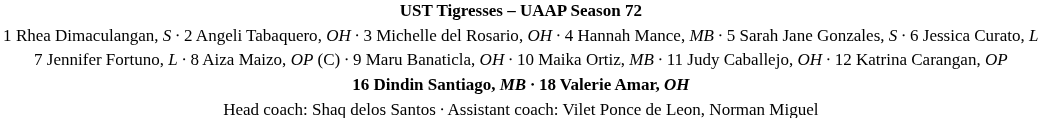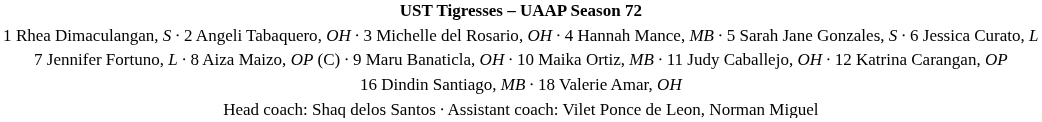 <table class='toccolours mw-collapsible mw-collapsed' width=100% style=font-size:95%>
 <tr>
 <th style=>UST Tigresses – UAAP Season 72</th>
 </tr>
 <tr align=center>
 <td>1 Rhea Dimaculangan, <em>S</em> ∙ 2 Angeli Tabaquero, <em>OH</em> ∙ 3 Michelle del Rosario, <em>OH</em> ∙ 4 Hannah Mance, <em>MB</em> ∙ 5 Sarah Jane Gonzales, <em>S</em> ∙ 6 Jessica Curato, <em>L</em></td>
 </tr>
 <tr align=center>
 <td>7 Jennifer Fortuno, <em>L</em> ∙ 8 Aiza Maizo, <em>OP</em> (C) ∙ 9 Maru Banaticla, <em>OH</em> ∙ 10 Maika Ortiz, <em>MB</em> ∙ 11 Judy Caballejo, <em>OH</em> ∙ 12 Katrina Carangan, <em>OP</em></td>
 </tr>
 <tr align=center>
-<td><strong>16 Dindin Santiago, <em>MB</em> ∙ 18 Valerie Amar, <em>OH</em></strong></td>
+<td>16 Dindin Santiago, <em>MB</em> ∙ 18 Valerie Amar, <em>OH</em></td>
 </tr>
 <tr align=center>
 <td>Head coach: Shaq delos Santos ∙ Assistant coach: Vilet Ponce de Leon, Norman Miguel</td>
 </tr>
 </table>
